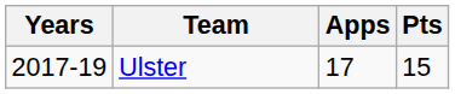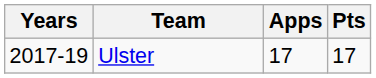 <table class="wikitable" style="text-align:left;">
 <tr>
 <th>Years</th>
 <th width=120px>Team</th>
 <th>Apps</th>
 <th>Pts</th>
 </tr>
 <tr>
 <td>2017-19</td>
 <td><a href='#'>Ulster</a></td>
 <td>17</td>
-<td>15</td>
+<td>17</td>
 </tr>
 </table>
